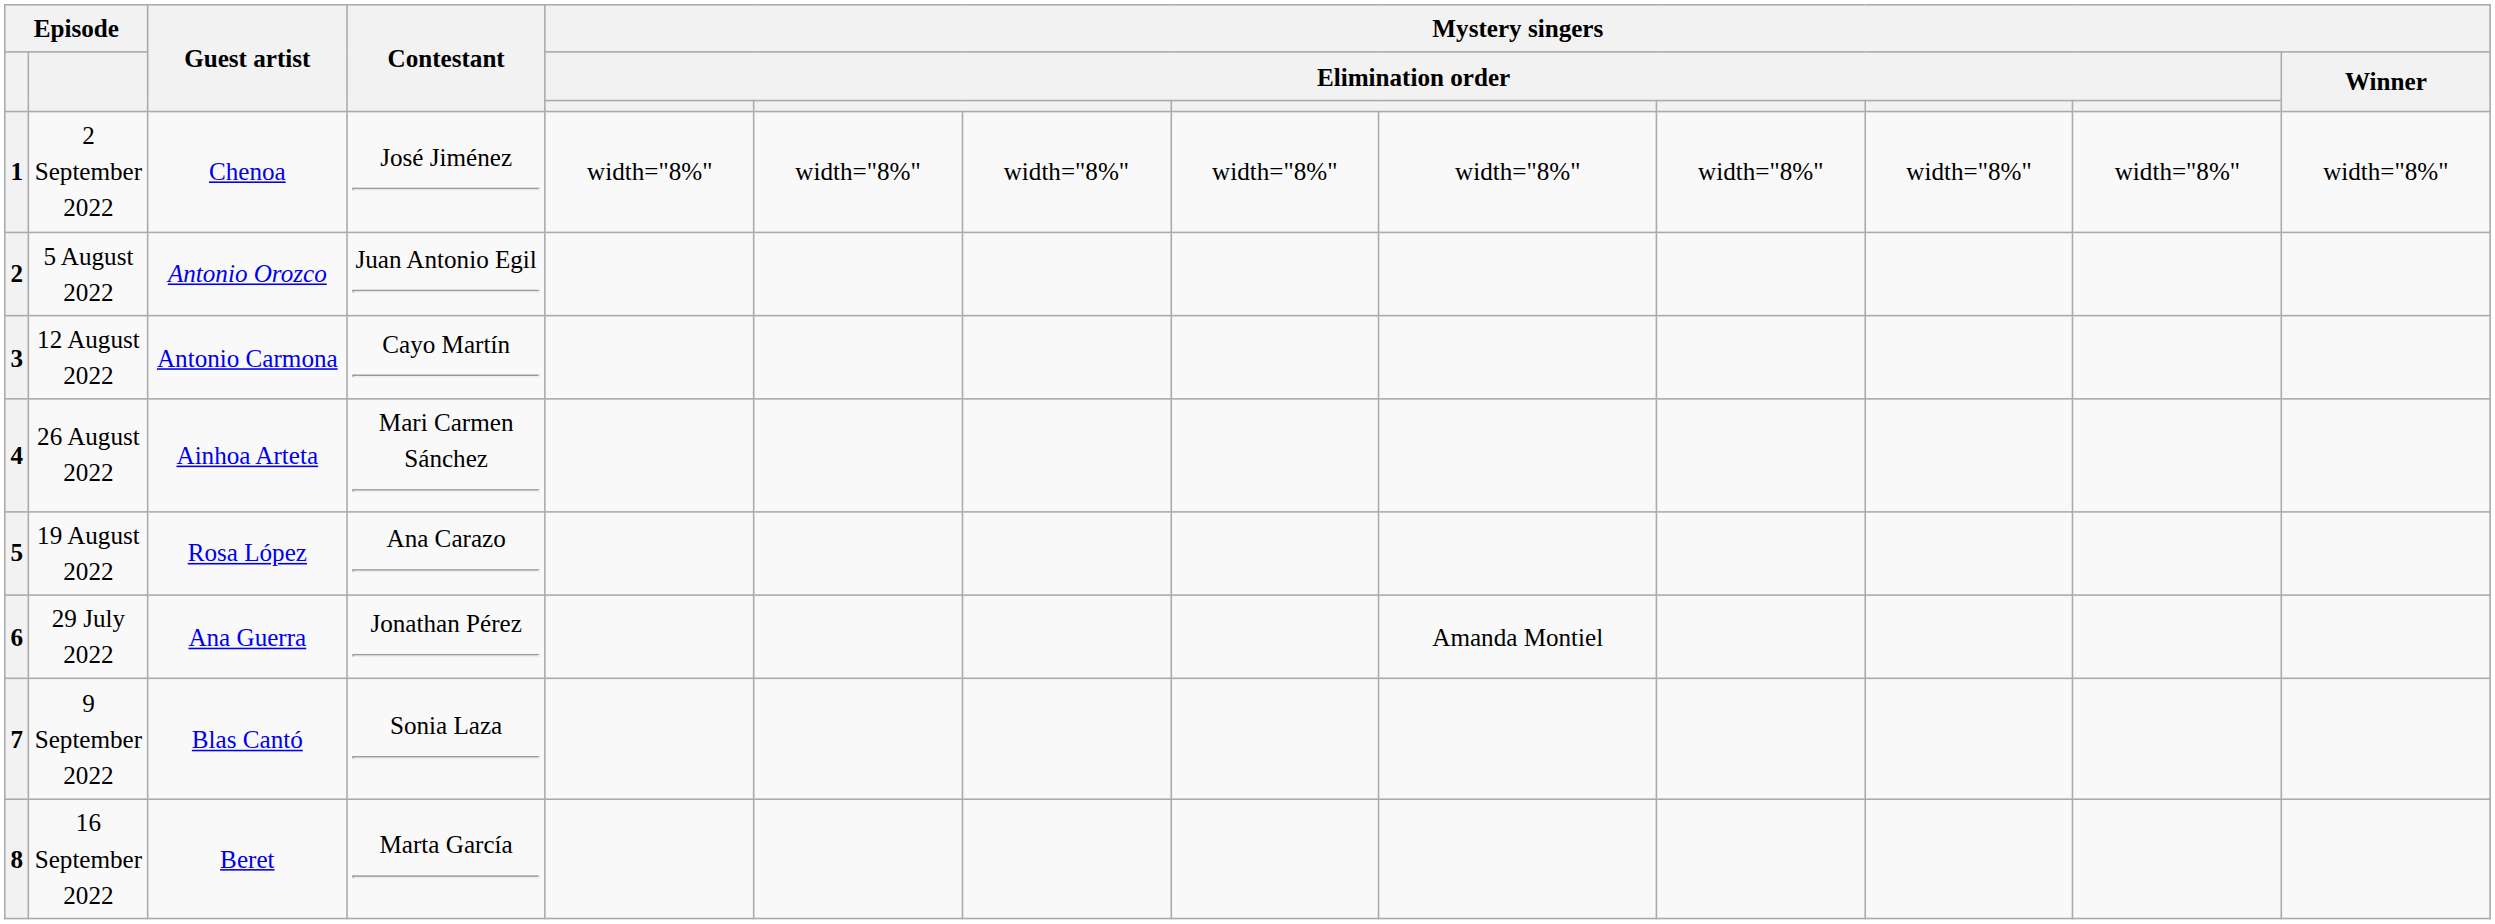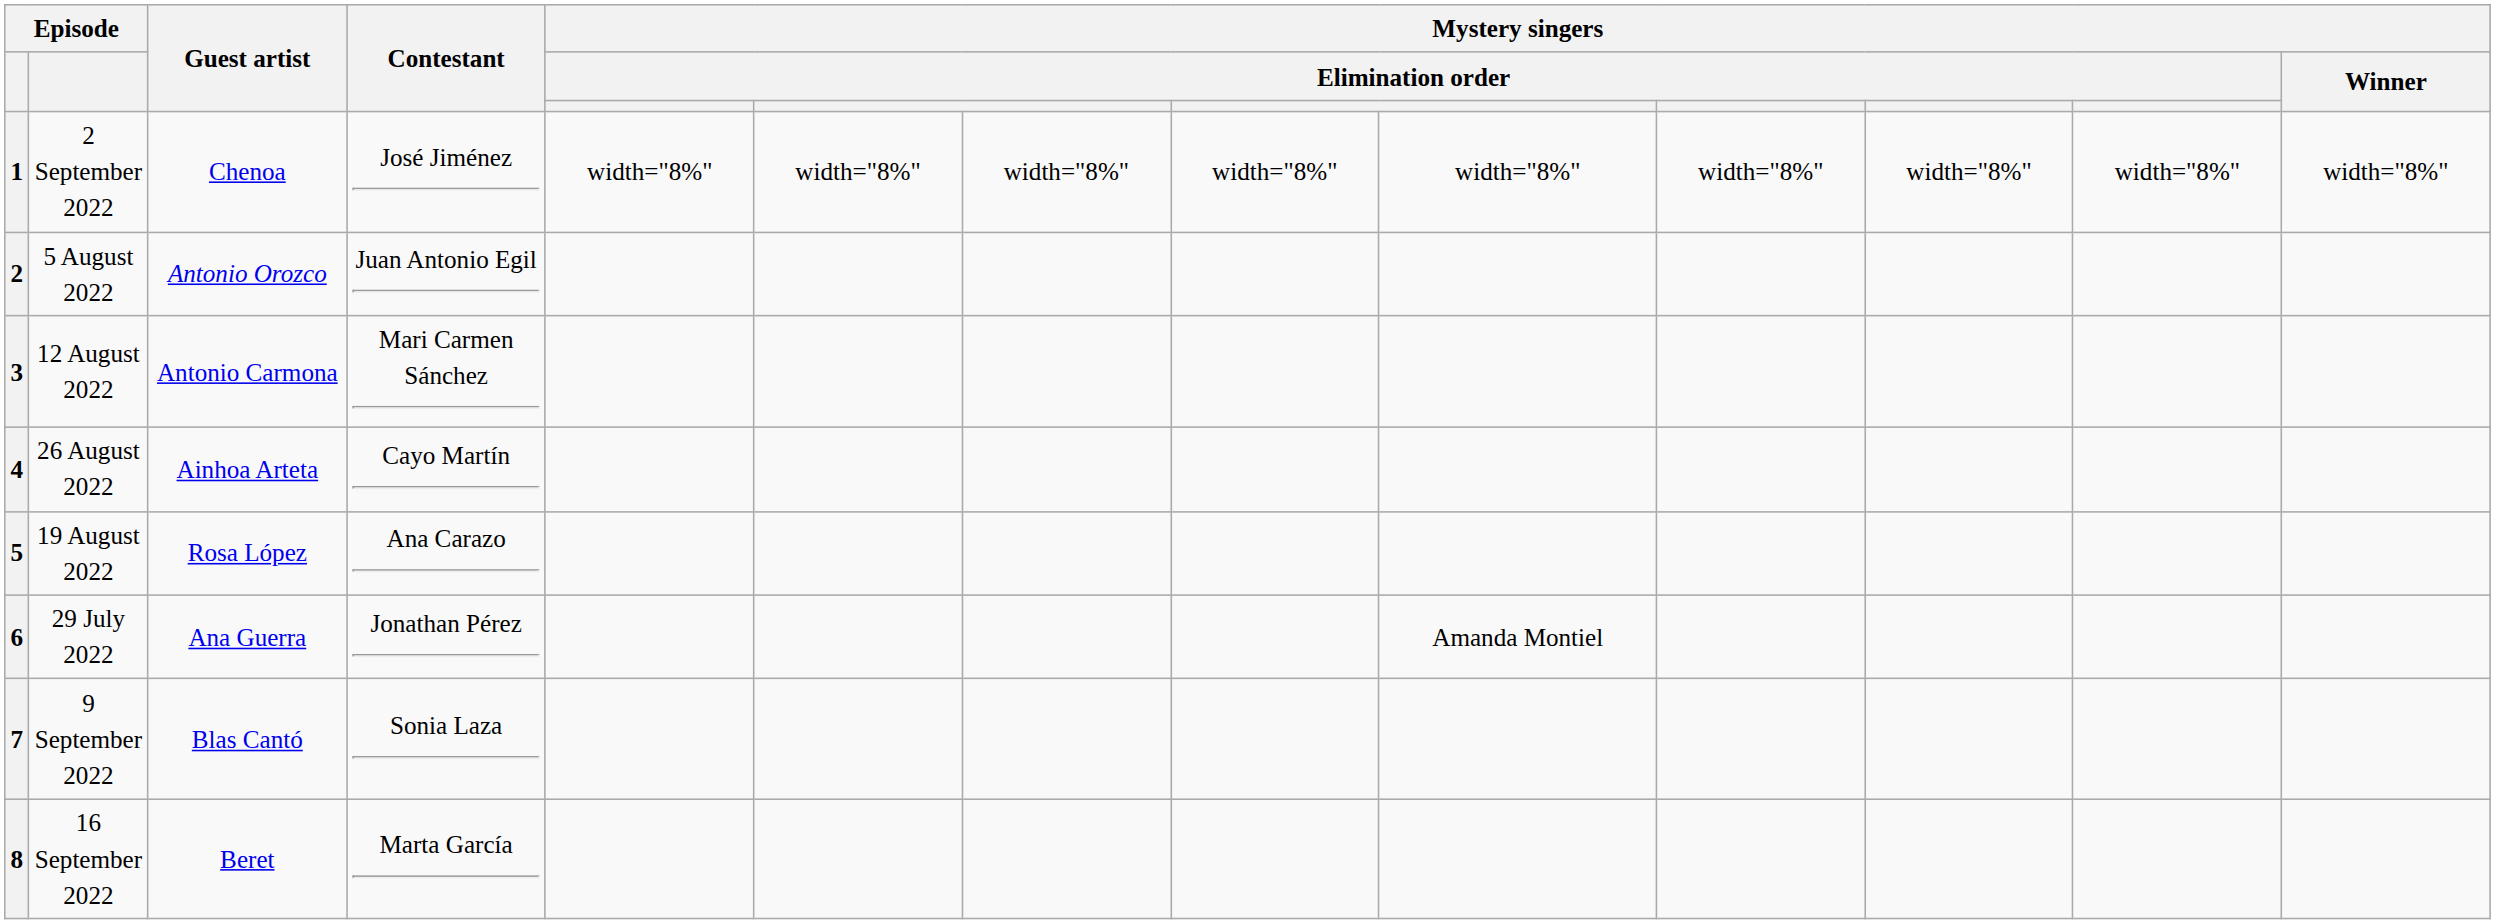 <table class="wikitable plainrowheaders mw-collapsible" style="text-align:center; line-height:23px; width:100%;">
 <tr>
 <th colspan="2" width="1%">Episode</th>
 <th rowspan="3" width="8%">Guest artist</th>
 <th rowspan="3" width="8%">Contestant</th>
 <th colspan="9">Mystery singers<br></th>
 </tr>
 <tr>
 <th rowspan="2"></th>
 <th rowspan="2"></th>
 <th colspan="8">Elimination order</th>
 <th rowspan="2">Winner</th>
 </tr>
 <tr>
 <th></th>
 <th colspan="2"></th>
 <th colspan="2"></th>
 <th></th>
 <th></th>
 <th></th>
 </tr>
 <tr>
 <th>1</th>
 <td>2 September 2022</td>
 <td><a href='#'>Chenoa</a></td>
 <td>José Jiménez<hr></td>
 <td>width="8%" </td>
 <td>width="8%" </td>
 <td>width="8%" </td>
 <td>width="8%" </td>
 <td>width="8%" </td>
 <td>width="8%" </td>
 <td>width="8%" </td>
 <td>width="8%" </td>
 <td>width="8%" </td>
 </tr>
 <tr>
 <th>2</th>
 <td>5 August 2022</td>
 <td><em><a href='#'>Antonio Orozco</a></em><br></td>
 <td>Juan Antonio Egil<hr></td>
 <td></td>
 <td></td>
 <td></td>
 <td></td>
 <td></td>
 <td></td>
 <td></td>
 <td></td>
 <td></td>
 </tr>
 <tr>
 <th>3</th>
 <td>12 August 2022</td>
 <td><a href='#'>Antonio Carmona</a><br></td>
-<td>Cayo Martín<hr></td>
+<td>Mari Carmen Sánchez<hr></td>
 <td></td>
 <td></td>
 <td></td>
 <td></td>
 <td></td>
 <td></td>
 <td></td>
 <td></td>
 <td></td>
 </tr>
 <tr>
 <th>4</th>
 <td>26 August 2022</td>
 <td><a href='#'>Ainhoa Arteta</a><br></td>
-<td>Mari Carmen Sánchez<hr></td>
+<td>Cayo Martín<hr></td>
 <td></td>
 <td></td>
 <td></td>
 <td></td>
 <td></td>
 <td></td>
 <td></td>
 <td></td>
 <td></td>
 </tr>
 <tr>
 <th>5</th>
 <td>19 August 2022</td>
 <td><a href='#'>Rosa López</a></td>
 <td>Ana Carazo<hr></td>
 <td></td>
 <td></td>
 <td></td>
 <td></td>
 <td></td>
 <td></td>
 <td></td>
 <td></td>
 <td></td>
 </tr>
 <tr>
 <th>6</th>
 <td>29 July 2022</td>
 <td><a href='#'>Ana Guerra</a><br></td>
 <td>Jonathan Pérez<hr></td>
 <td></td>
 <td></td>
 <td></td>
 <td></td>
 <td>Amanda Montiel </td>
 <td></td>
 <td></td>
 <td></td>
 <td></td>
 </tr>
 <tr>
 <th>7</th>
 <td>9 September 2022</td>
 <td><a href='#'>Blas Cantó</a><br></td>
 <td>Sonia Laza<hr></td>
 <td></td>
 <td></td>
 <td></td>
 <td></td>
 <td></td>
 <td></td>
 <td></td>
 <td></td>
 <td></td>
 </tr>
 <tr>
 <th>8</th>
 <td>16 September 2022</td>
 <td><a href='#'>Beret</a><br></td>
 <td>Marta García<hr></td>
 <td></td>
 <td></td>
 <td></td>
 <td></td>
 <td></td>
 <td></td>
 <td></td>
 <td></td>
 <td></td>
 </tr>
 </table>
